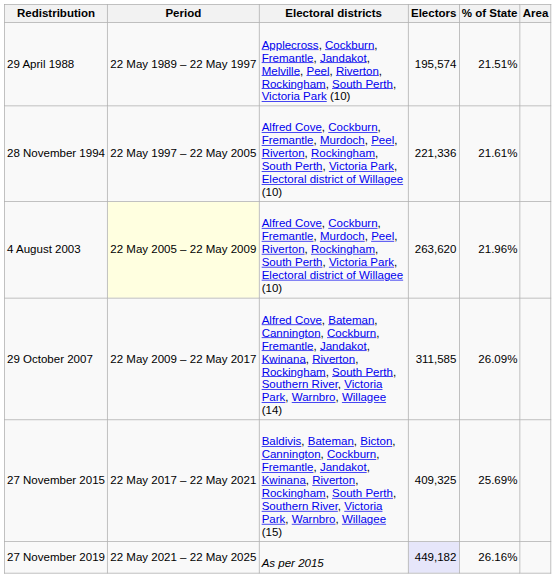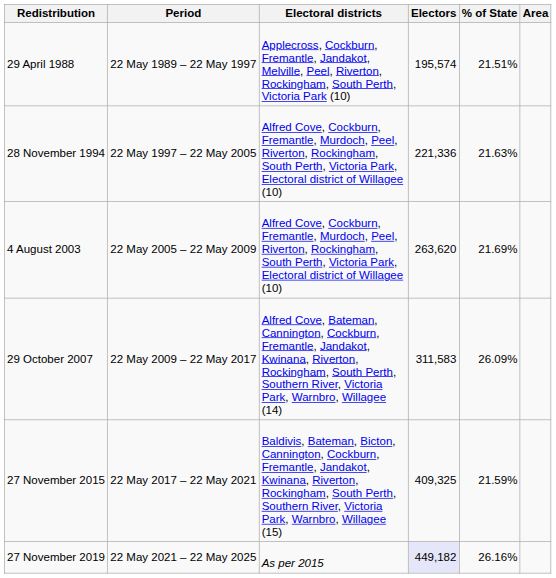 <table class="wikitable">
 <tr>
 <th>Redistribution</th>
 <th>Period</th>
 <th>Electoral districts</th>
 <th>Electors</th>
 <th>% of State</th>
 <th>Area</th>
 </tr>
 <tr>
 <td>29 April 1988</td>
 <td>22 May 1989 – 22 May 1997</td>
 <td width = 200><br><a href='#'>Applecross</a>,  <a href='#'>Cockburn</a>,  <a href='#'>Fremantle</a>,  <a href='#'>Jandakot</a>,  <a href='#'>Melville</a>,  <a href='#'>Peel</a>,  <a href='#'>Riverton</a>,  <a href='#'>Rockingham</a>,  <a href='#'>South Perth</a>,  <a href='#'>Victoria Park</a> (10)</td>
 <td align=right>195,574</td>
 <td align=right>21.51%</td>
 <td align=right></td>
 </tr>
 <tr>
 <td>28 November 1994</td>
 <td>22 May 1997 – 22 May 2005</td>
 <td width = 200><br><a href='#'>Alfred Cove</a>,  <a href='#'>Cockburn</a>,  <a href='#'>Fremantle</a>,  <a href='#'>Murdoch</a>,  <a href='#'>Peel</a>,  <a href='#'>Riverton</a>,  <a href='#'>Rockingham</a>,  <a href='#'>South Perth</a>,  <a href='#'>Victoria Park</a>, <a href='#'>Electoral district of Willagee</a> (10)</td>
 <td align=right>221,336</td>
-<td align=right>21.61%</td>
+<td align=right>21.63%</td>
 <td align=right></td>
 </tr>
 <tr>
 <td>4 August 2003</td>
-<td style="background: lightyellow;">22 May 2005 – 22 May 2009</td>
+<td>22 May 2005 – 22 May 2009</td>
 <td width = 200><br><a href='#'>Alfred Cove</a>,  <a href='#'>Cockburn</a>,  <a href='#'>Fremantle</a>,  <a href='#'>Murdoch</a>,  <a href='#'>Peel</a>,  <a href='#'>Riverton</a>,  <a href='#'>Rockingham</a>,  <a href='#'>South Perth</a>,  <a href='#'>Victoria Park</a>, <a href='#'>Electoral district of Willagee</a> (10)</td>
 <td align=right>263,620</td>
-<td align=right>21.96%</td>
+<td align=right>21.69%</td>
 <td align=right></td>
 </tr>
 <tr>
 <td>29 October 2007</td>
 <td>22 May 2009 – 22 May 2017</td>
 <td width = 200><br><a href='#'>Alfred Cove</a>,  <a href='#'>Bateman</a>,  <a href='#'>Cannington</a>,  <a href='#'>Cockburn</a>,  <a href='#'>Fremantle</a>,  <a href='#'>Jandakot</a>,  <a href='#'>Kwinana</a>,  <a href='#'>Riverton</a>,  <a href='#'>Rockingham</a>,  <a href='#'>South Perth</a>,  <a href='#'>Southern River</a>,  <a href='#'>Victoria Park</a>, <a href='#'>Warnbro</a>, <a href='#'>Willagee</a> (14)</td>
-<td align=right>311,585</td>
+<td align=right>311,583</td>
 <td align=right>26.09%</td>
 <td align=right></td>
 </tr>
 <tr>
 <td>27 November 2015</td>
 <td>22 May 2017 – 22 May 2021</td>
 <td width = 200><br><a href='#'>Baldivis</a>,  <a href='#'>Bateman</a>,  <a href='#'>Bicton</a>,  <a href='#'>Cannington</a>,  <a href='#'>Cockburn</a>,  <a href='#'>Fremantle</a>,  <a href='#'>Jandakot</a>,  <a href='#'>Kwinana</a>,  <a href='#'>Riverton</a>,  <a href='#'>Rockingham</a>,  <a href='#'>South Perth</a>,  <a href='#'>Southern River</a>,  <a href='#'>Victoria Park</a>, <a href='#'>Warnbro</a>, <a href='#'>Willagee</a> (15)</td>
 <td align=right>409,325</td>
-<td align=right>25.69%</td>
+<td align=right>21.59%</td>
 <td align=right></td>
 </tr>
 <tr>
 <td>27 November 2019</td>
 <td>22 May 2021 – 22 May 2025</td>
 <td width = 200><br><em>As per 2015</em></td>
 <td align=right style="background: lavender;">449,182</td>
 <td align=right>26.16%</td>
 <td align=right></td>
 </tr>
 </table>
